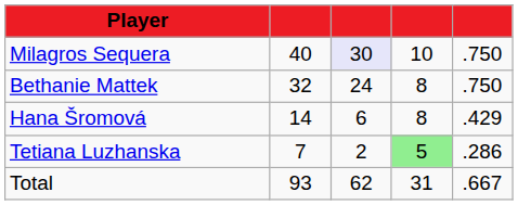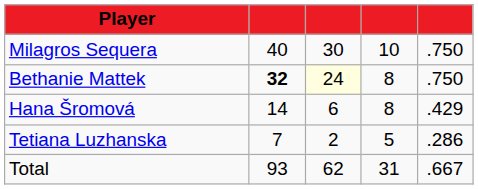 <table class="wikitable" style="text-align:center">
 <tr>
 <th style="background:#ED1C24; color:black" width="200px">Player</th>
 <th style="background:#ED1C24; color:black" width="40px"></th>
 <th style="background:#ED1C24; color:black" width="40px"></th>
 <th style="background:#ED1C24; color:black" width="40px"></th>
 <th style="background:#ED1C24; color:black" width="40px"></th>
 </tr>
 <tr>
 <td style="text-align:left"><a href='#'>Milagros Sequera</a></td>
 <td>40</td>
-<td style="background: lavender;">30</td>
+<td>30</td>
 <td>10</td>
 <td>.750</td>
 </tr>
 <tr>
 <td style="text-align:left"><a href='#'>Bethanie Mattek</a></td>
-<td>32</td>
-<td>24</td>
+<td><strong>32</strong></td>
+<td style="background: lightyellow;">24</td>
 <td>8</td>
 <td>.750</td>
 </tr>
 <tr>
 <td style="text-align:left"><a href='#'>Hana Šromová</a></td>
 <td>14</td>
 <td>6</td>
 <td>8</td>
 <td>.429</td>
 </tr>
 <tr>
 <td style="text-align:left"><a href='#'>Tetiana Luzhanska</a></td>
 <td>7</td>
 <td>2</td>
-<td style="background: lightgreen;">5</td>
+<td>5</td>
 <td>.286</td>
 </tr>
 <tr>
 <td style="text-align:left">Total</td>
 <td>93</td>
 <td>62</td>
 <td>31</td>
 <td>.667</td>
 </tr>
 </table>
